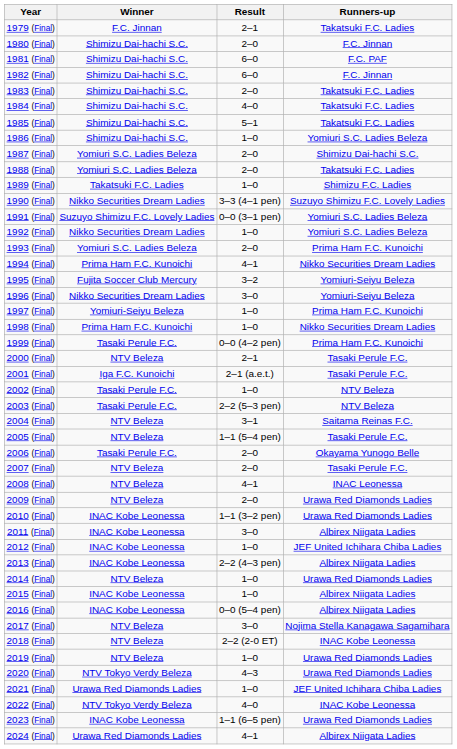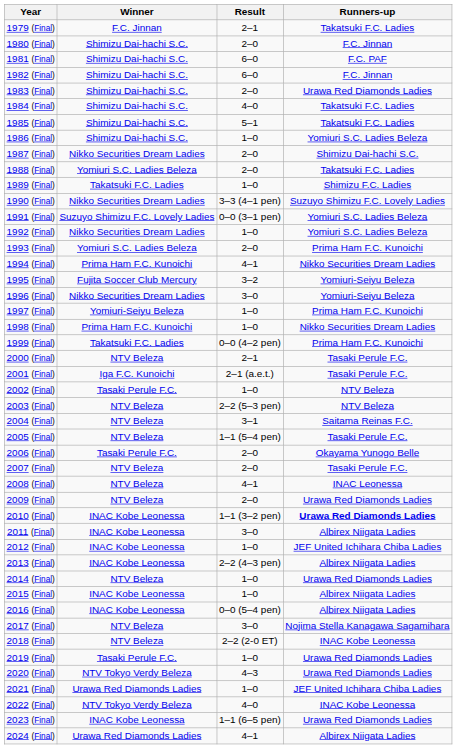 <table class="sortable wikitable" style="text-align: center;">
 <tr>
 <th>Year</th>
 <th>Winner</th>
 <th>Result</th>
 <th>Runners-up</th>
 </tr>
 <tr>
 <td><a href='#'>1979</a> <small>(<a href='#'>Final</a>)</small></td>
 <td><a href='#'>F.C. Jinnan</a></td>
 <td>2–1</td>
 <td><a href='#'>Takatsuki F.C. Ladies</a></td>
 </tr>
 <tr>
 <td><a href='#'>1980</a> <small>(<a href='#'>Final</a>)</small></td>
 <td><a href='#'>Shimizu Dai-hachi S.C.</a></td>
 <td>2–0</td>
 <td><a href='#'>F.C. Jinnan</a></td>
 </tr>
 <tr>
 <td><a href='#'>1981</a> <small>(<a href='#'>Final</a>)</small></td>
 <td><a href='#'>Shimizu Dai-hachi S.C.</a></td>
 <td>6–0</td>
 <td><a href='#'>F.C. PAF</a></td>
 </tr>
 <tr>
 <td><a href='#'>1982</a> <small>(<a href='#'>Final</a>)</small></td>
 <td><a href='#'>Shimizu Dai-hachi S.C.</a></td>
 <td>6–0</td>
 <td><a href='#'>F.C. Jinnan</a></td>
 </tr>
 <tr>
 <td><a href='#'>1983</a> <small>(<a href='#'>Final</a>)</small></td>
 <td><a href='#'>Shimizu Dai-hachi S.C.</a></td>
 <td>2–0</td>
-<td><a href='#'>Takatsuki F.C. Ladies</a></td>
+<td><a href='#'>Urawa Red Diamonds Ladies</a></td>
 </tr>
 <tr>
 <td><a href='#'>1984</a> <small>(<a href='#'>Final</a>)</small></td>
 <td><a href='#'>Shimizu Dai-hachi S.C.</a></td>
 <td>4–0</td>
 <td><a href='#'>Takatsuki F.C. Ladies</a></td>
 </tr>
 <tr>
 <td><a href='#'>1985</a> <small>(<a href='#'>Final</a>)</small></td>
 <td><a href='#'>Shimizu Dai-hachi S.C.</a></td>
 <td>5–1</td>
 <td><a href='#'>Takatsuki F.C. Ladies</a></td>
 </tr>
 <tr>
 <td><a href='#'>1986</a> <small>(<a href='#'>Final</a>)</small></td>
 <td><a href='#'>Shimizu Dai-hachi S.C.</a></td>
 <td>1–0</td>
 <td><a href='#'>Yomiuri S.C. Ladies Beleza</a></td>
 </tr>
 <tr>
 <td><a href='#'>1987</a> <small>(<a href='#'>Final</a>)</small></td>
-<td><a href='#'>Yomiuri S.C. Ladies Beleza</a></td>
+<td><a href='#'>Nikko Securities Dream Ladies</a></td>
 <td>2–0</td>
 <td><a href='#'>Shimizu Dai-hachi S.C.</a></td>
 </tr>
 <tr>
 <td><a href='#'>1988</a> <small>(<a href='#'>Final</a>)</small></td>
 <td><a href='#'>Yomiuri S.C. Ladies Beleza</a></td>
 <td>2–0</td>
 <td><a href='#'>Takatsuki F.C. Ladies</a></td>
 </tr>
 <tr>
 <td><a href='#'>1989</a> <small>(<a href='#'>Final</a>)</small></td>
 <td><a href='#'>Takatsuki F.C. Ladies</a></td>
 <td>1–0</td>
 <td><a href='#'>Shimizu F.C. Ladies</a></td>
 </tr>
 <tr>
 <td><a href='#'>1990</a> <small>(<a href='#'>Final</a>)</small></td>
 <td><a href='#'>Nikko Securities Dream Ladies</a></td>
 <td>3–3 (4–1 pen)</td>
 <td><a href='#'>Suzuyo Shimizu F.C. Lovely Ladies</a></td>
 </tr>
 <tr>
 <td><a href='#'>1991</a> <small>(<a href='#'>Final</a>)</small></td>
 <td><a href='#'>Suzuyo Shimizu F.C. Lovely Ladies</a></td>
 <td>0–0 (3–1 pen)</td>
 <td><a href='#'>Yomiuri S.C. Ladies Beleza</a></td>
 </tr>
 <tr>
 <td><a href='#'>1992</a> <small>(<a href='#'>Final</a>)</small></td>
 <td><a href='#'>Nikko Securities Dream Ladies</a></td>
 <td>1–0</td>
 <td><a href='#'>Yomiuri S.C. Ladies Beleza</a></td>
 </tr>
 <tr>
 <td><a href='#'>1993</a> <small>(<a href='#'>Final</a>)</small></td>
 <td><a href='#'>Yomiuri S.C. Ladies Beleza</a></td>
 <td>2–0</td>
 <td><a href='#'>Prima Ham F.C. Kunoichi</a></td>
 </tr>
 <tr>
 <td><a href='#'>1994</a> <small>(<a href='#'>Final</a>)</small></td>
 <td><a href='#'>Prima Ham F.C. Kunoichi</a></td>
 <td>4–1</td>
 <td><a href='#'>Nikko Securities Dream Ladies</a></td>
 </tr>
 <tr>
 <td><a href='#'>1995</a> <small>(<a href='#'>Final</a>)</small></td>
 <td><a href='#'>Fujita Soccer Club Mercury</a></td>
 <td>3–2</td>
 <td><a href='#'>Yomiuri-Seiyu Beleza</a></td>
 </tr>
 <tr>
 <td><a href='#'>1996</a> <small>(<a href='#'>Final</a>)</small></td>
 <td><a href='#'>Nikko Securities Dream Ladies</a></td>
 <td>3–0</td>
 <td><a href='#'>Yomiuri-Seiyu Beleza</a></td>
 </tr>
 <tr>
 <td><a href='#'>1997</a> <small>(<a href='#'>Final</a>)</small></td>
 <td><a href='#'>Yomiuri-Seiyu Beleza</a></td>
 <td>1–0</td>
 <td><a href='#'>Prima Ham F.C. Kunoichi</a></td>
 </tr>
 <tr>
 <td><a href='#'>1998</a> <small>(<a href='#'>Final</a>)</small></td>
 <td><a href='#'>Prima Ham F.C. Kunoichi</a></td>
 <td>1–0</td>
 <td><a href='#'>Nikko Securities Dream Ladies</a></td>
 </tr>
 <tr>
 <td><a href='#'>1999</a> <small>(<a href='#'>Final</a>)</small></td>
-<td><a href='#'>Tasaki Perule F.C.</a></td>
+<td><a href='#'>Takatsuki F.C. Ladies</a></td>
 <td>0–0 (4–2 pen)</td>
 <td><a href='#'>Prima Ham F.C. Kunoichi</a></td>
 </tr>
 <tr>
 <td><a href='#'>2000</a> <small>(<a href='#'>Final</a>)</small></td>
 <td><a href='#'>NTV Beleza</a></td>
 <td>2–1</td>
 <td><a href='#'>Tasaki Perule F.C.</a></td>
 </tr>
 <tr>
 <td><a href='#'>2001</a> <small>(<a href='#'>Final</a>)</small></td>
 <td><a href='#'>Iga F.C. Kunoichi</a></td>
 <td>2–1 (a.e.t.)</td>
 <td><a href='#'>Tasaki Perule F.C.</a></td>
 </tr>
 <tr>
 <td><a href='#'>2002</a> <small>(<a href='#'>Final</a>)</small></td>
 <td><a href='#'>Tasaki Perule F.C.</a></td>
 <td>1–0</td>
 <td><a href='#'>NTV Beleza</a></td>
 </tr>
 <tr>
 <td><a href='#'>2003</a> <small>(<a href='#'>Final</a>)</small></td>
-<td><a href='#'>Tasaki Perule F.C.</a></td>
+<td><a href='#'>NTV Beleza</a></td>
 <td>2–2 (5–3 pen)</td>
 <td><a href='#'>NTV Beleza</a></td>
 </tr>
 <tr>
 <td><a href='#'>2004</a> <small>(<a href='#'>Final</a>)</small></td>
 <td><a href='#'>NTV Beleza</a></td>
 <td>3–1</td>
 <td><a href='#'>Saitama Reinas F.C.</a></td>
 </tr>
 <tr>
 <td><a href='#'>2005</a> <small>(<a href='#'>Final</a>)</small></td>
 <td><a href='#'>NTV Beleza</a></td>
 <td>1–1 (5–4 pen)</td>
 <td><a href='#'>Tasaki Perule F.C.</a></td>
 </tr>
 <tr>
 <td><a href='#'>2006</a> <small>(<a href='#'>Final</a>)</small></td>
 <td><a href='#'>Tasaki Perule F.C.</a></td>
 <td>2–0</td>
 <td><a href='#'>Okayama Yunogo Belle</a></td>
 </tr>
 <tr>
 <td><a href='#'>2007</a> <small>(<a href='#'>Final</a>)</small></td>
 <td><a href='#'>NTV Beleza</a></td>
 <td>2–0</td>
 <td><a href='#'>Tasaki Perule F.C.</a></td>
 </tr>
 <tr>
 <td><a href='#'>2008</a> <small>(<a href='#'>Final</a>)</small></td>
 <td><a href='#'>NTV Beleza</a></td>
 <td>4–1</td>
 <td><a href='#'>INAC Leonessa</a></td>
 </tr>
 <tr>
 <td><a href='#'>2009</a> <small>(<a href='#'>Final</a>)</small></td>
 <td><a href='#'>NTV Beleza</a></td>
 <td>2–0</td>
 <td><a href='#'>Urawa Red Diamonds Ladies</a></td>
 </tr>
 <tr>
 <td><a href='#'>2010</a> <small>(<a href='#'>Final</a>)</small></td>
 <td><a href='#'>INAC Kobe Leonessa</a></td>
 <td>1–1 (3–2 pen)</td>
-<td><a href='#'>Urawa Red Diamonds Ladies</a></td>
+<td><strong><a href='#'>Urawa Red Diamonds Ladies</a></strong></td>
 </tr>
 <tr>
 <td><a href='#'>2011</a> <small>(<a href='#'>Final</a>)</small></td>
 <td><a href='#'>INAC Kobe Leonessa</a></td>
 <td>3–0</td>
 <td><a href='#'>Albirex Niigata Ladies</a></td>
 </tr>
 <tr>
 <td><a href='#'>2012</a> <small>(<a href='#'>Final</a>)</small></td>
 <td><a href='#'>INAC Kobe Leonessa</a></td>
 <td>1–0</td>
 <td><a href='#'>JEF United Ichihara Chiba Ladies</a></td>
 </tr>
 <tr>
 <td><a href='#'>2013</a> <small>(<a href='#'>Final</a>)</small></td>
 <td><a href='#'>INAC Kobe Leonessa</a></td>
 <td>2–2 (4–3 pen)</td>
 <td><a href='#'>Albirex Niigata Ladies</a></td>
 </tr>
 <tr>
 <td><a href='#'>2014</a> <small>(<a href='#'>Final</a>)</small></td>
 <td><a href='#'>NTV Beleza</a></td>
 <td>1–0</td>
 <td><a href='#'>Urawa Red Diamonds Ladies</a></td>
 </tr>
 <tr>
 <td><a href='#'>2015</a> <small>(<a href='#'>Final</a>)</small></td>
 <td><a href='#'>INAC Kobe Leonessa</a></td>
 <td>1–0</td>
 <td><a href='#'>Albirex Niigata Ladies</a></td>
 </tr>
 <tr>
 <td><a href='#'>2016</a> <small>(<a href='#'>Final</a>)</small></td>
 <td><a href='#'>INAC Kobe Leonessa</a></td>
 <td>0–0 (5–4 pen)</td>
 <td><a href='#'>Albirex Niigata Ladies</a></td>
 </tr>
 <tr>
 <td><a href='#'>2017</a> <small>(<a href='#'>Final</a>)</small></td>
 <td><a href='#'>NTV Beleza</a></td>
 <td>3–0</td>
 <td><a href='#'>Nojima Stella Kanagawa Sagamihara</a></td>
 </tr>
 <tr>
 <td><a href='#'>2018</a> <small>(<a href='#'>Final</a>)</small></td>
 <td><a href='#'>NTV Beleza</a></td>
 <td>2–2 (2-0 ET)</td>
 <td><a href='#'>INAC Kobe Leonessa</a></td>
 </tr>
 <tr>
 <td><a href='#'>2019</a> <small>(<a href='#'>Final</a>)</small></td>
-<td><a href='#'>NTV Beleza</a></td>
+<td><a href='#'>Tasaki Perule F.C.</a></td>
 <td>1–0</td>
 <td><a href='#'>Urawa Red Diamonds Ladies</a></td>
 </tr>
 <tr>
 <td><a href='#'>2020</a> <small>(<a href='#'>Final</a>)</small></td>
 <td><a href='#'>NTV Tokyo Verdy Beleza</a></td>
 <td>4–3</td>
 <td><a href='#'>Urawa Red Diamonds Ladies</a></td>
 </tr>
 <tr>
 <td><a href='#'>2021</a> <small>(<a href='#'>Final</a>)</small></td>
 <td><a href='#'>Urawa Red Diamonds Ladies</a></td>
 <td>1–0</td>
 <td><a href='#'>JEF United Ichihara Chiba Ladies</a></td>
 </tr>
 <tr>
 <td><a href='#'>2022</a> <small>(<a href='#'>Final</a>)</small></td>
 <td><a href='#'>NTV Tokyo Verdy Beleza</a></td>
 <td>4–0</td>
 <td><a href='#'>INAC Kobe Leonessa</a></td>
 </tr>
 <tr>
 <td><a href='#'>2023</a> <small>(<a href='#'>Final</a>)</small></td>
 <td><a href='#'>INAC Kobe Leonessa</a></td>
 <td>1–1 (6–5 pen)</td>
 <td><a href='#'>Urawa Red Diamonds Ladies</a></td>
 </tr>
 <tr>
 <td><a href='#'>2024</a> <small>(<a href='#'>Final</a>)</small></td>
 <td><a href='#'>Urawa Red Diamonds Ladies</a></td>
 <td>4–1</td>
 <td><a href='#'>Albirex Niigata Ladies</a></td>
 </tr>
 </table>
